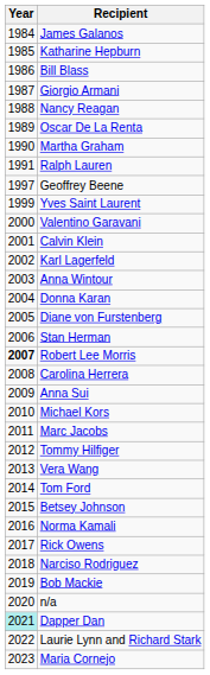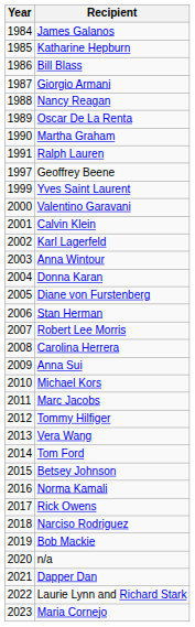 <table class="wikitable">
 <tr>
 <th>Year</th>
 <th>Recipient</th>
 </tr>
 <tr>
 <td>1984</td>
 <td><a href='#'>James Galanos</a></td>
 </tr>
 <tr>
 <td>1985</td>
 <td><a href='#'>Katharine Hepburn</a></td>
 </tr>
 <tr>
 <td>1986</td>
 <td><a href='#'>Bill Blass</a></td>
 </tr>
 <tr>
 <td>1987</td>
 <td><a href='#'>Giorgio Armani</a></td>
 </tr>
 <tr>
 <td>1988</td>
 <td><a href='#'>Nancy Reagan</a></td>
 </tr>
 <tr>
 <td>1989</td>
 <td><a href='#'>Oscar De La Renta</a></td>
 </tr>
 <tr>
 <td>1990</td>
 <td><a href='#'>Martha Graham</a></td>
 </tr>
 <tr>
 <td>1991</td>
 <td><a href='#'>Ralph Lauren</a></td>
 </tr>
 <tr>
 <td>1997</td>
 <td>Geoffrey Beene</td>
 </tr>
 <tr>
 <td>1999</td>
 <td><a href='#'>Yves Saint Laurent</a></td>
 </tr>
 <tr>
 <td>2000</td>
 <td><a href='#'>Valentino Garavani</a></td>
 </tr>
 <tr>
 <td>2001</td>
 <td><a href='#'>Calvin Klein</a></td>
 </tr>
 <tr>
 <td>2002</td>
 <td><a href='#'>Karl Lagerfeld</a></td>
 </tr>
 <tr>
 <td>2003</td>
 <td><a href='#'>Anna Wintour</a></td>
 </tr>
 <tr>
 <td>2004</td>
 <td><a href='#'>Donna Karan</a></td>
 </tr>
 <tr>
 <td>2005</td>
 <td><a href='#'>Diane von Furstenberg</a></td>
 </tr>
 <tr>
 <td>2006</td>
 <td><a href='#'>Stan Herman</a></td>
 </tr>
 <tr>
-<td><strong>2007</strong></td>
+<td>2007</td>
 <td><a href='#'>Robert Lee Morris</a></td>
 </tr>
 <tr>
 <td>2008</td>
 <td><a href='#'>Carolina Herrera</a></td>
 </tr>
 <tr>
 <td>2009</td>
 <td><a href='#'>Anna Sui</a></td>
 </tr>
 <tr>
 <td>2010</td>
 <td><a href='#'>Michael Kors</a></td>
 </tr>
 <tr>
 <td>2011</td>
 <td><a href='#'>Marc Jacobs</a></td>
 </tr>
 <tr>
 <td>2012</td>
 <td><a href='#'>Tommy Hilfiger</a></td>
 </tr>
 <tr>
 <td>2013</td>
 <td><a href='#'>Vera Wang</a></td>
 </tr>
 <tr>
 <td>2014</td>
 <td><a href='#'>Tom Ford</a></td>
 </tr>
 <tr>
 <td>2015</td>
 <td><a href='#'>Betsey Johnson</a></td>
 </tr>
 <tr>
 <td>2016</td>
 <td><a href='#'>Norma Kamali</a></td>
 </tr>
 <tr>
 <td>2017</td>
 <td><a href='#'>Rick Owens</a></td>
 </tr>
 <tr>
 <td>2018</td>
 <td><a href='#'>Narciso Rodriguez</a></td>
 </tr>
 <tr>
 <td>2019</td>
 <td><a href='#'>Bob Mackie</a></td>
 </tr>
 <tr>
 <td>2020</td>
 <td>n/a</td>
 </tr>
 <tr>
-<td style="background: paleturquoise;">2021</td>
+<td>2021</td>
 <td><a href='#'>Dapper Dan</a></td>
 </tr>
 <tr>
 <td>2022</td>
 <td>Laurie Lynn and <a href='#'>Richard Stark</a></td>
 </tr>
 <tr>
 <td>2023</td>
 <td><a href='#'>Maria Cornejo</a></td>
 </tr>
 </table>
